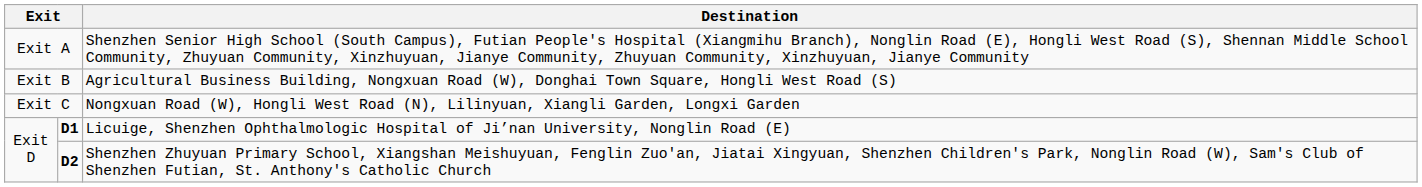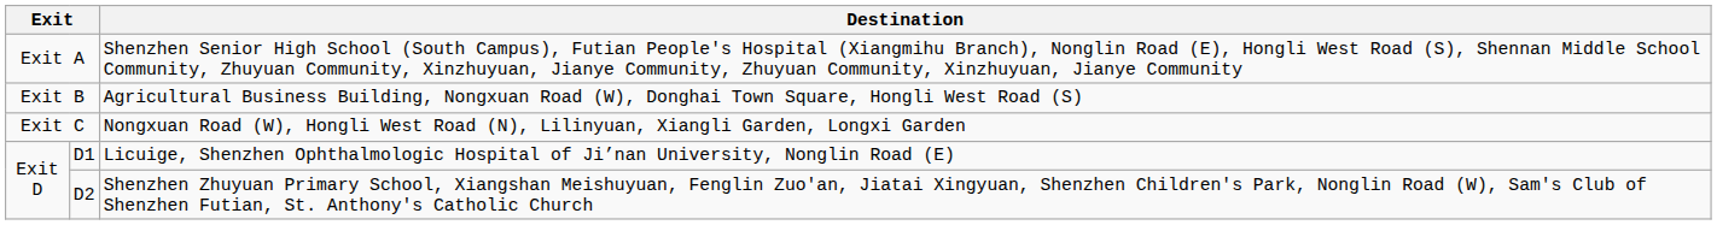 <table class="wikitable">
 <tr>
 <th style="width:70px" colspan="2">Exit</th>
 <th>Destination</th>
 </tr>
 <tr>
 <td align="center" colspan="2">Exit A</td>
 <td>Shenzhen Senior High School (South Campus), Futian People's Hospital (Xiangmihu Branch), Nonglin Road (E), Hongli West Road (S), Shennan Middle School Community, Zhuyuan Community, Xinzhuyuan, Jianye Community, Zhuyuan Community, Xinzhuyuan, Jianye Community</td>
 </tr>
 <tr>
 <td align="center" colspan="2">Exit B</td>
 <td>Agricultural Business Building, Nongxuan Road (W), Donghai Town Square, Hongli West Road (S)</td>
 </tr>
 <tr>
 <td align="center" colspan="2">Exit C</td>
 <td>Nongxuan Road (W), Hongli West Road (N), Lilinyuan, Xiangli Garden, Longxi Garden</td>
 </tr>
 <tr>
 <td align="center" rowspan="2">Exit D</td>
-<td><strong>D1</strong></td>
+<td>D1</td>
 <td>Licuige, Shenzhen Ophthalmologic Hospital of Ji’nan University, Nonglin Road (E)</td>
 </tr>
 <tr>
-<td><strong>D2</strong></td>
+<td>D2</td>
 <td>Shenzhen Zhuyuan Primary School, Xiangshan Meishuyuan, Fenglin Zuo'an, Jiatai Xingyuan, Shenzhen Children's Park, Nonglin Road (W), Sam's Club of Shenzhen Futian, St. Anthony's Catholic Church</td>
 </tr>
 </table>
